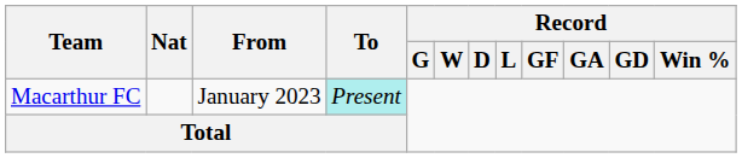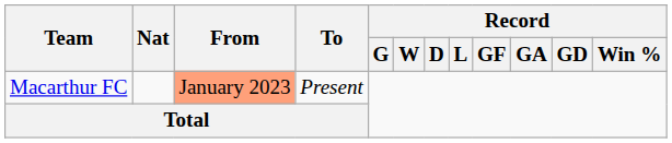 <table class="wikitable" style="text-align: center">
 <tr>
 <th rowspan="2">Team</th>
 <th rowspan="2">Nat</th>
 <th rowspan="2">From</th>
 <th rowspan="2">To</th>
 <th colspan="8">Record</th>
 </tr>
 <tr>
 <th>G</th>
 <th>W</th>
 <th>D</th>
 <th>L</th>
 <th>GF</th>
 <th>GA</th>
 <th>GD</th>
 <th>Win %</th>
 </tr>
 <tr>
 <td align=left><a href='#'>Macarthur FC</a></td>
 <td></td>
-<td align=left>January 2023</td>
-<td align=left style="background: paleturquoise;"><em>Present</em><br></td>
+<td align=left style="background: lightsalmon;">January 2023</td>
+<td align=left><em>Present</em><br></td>
 </tr>
 <tr>
 <th colspan="4">Total<br></th>
 </tr>
 </table>
